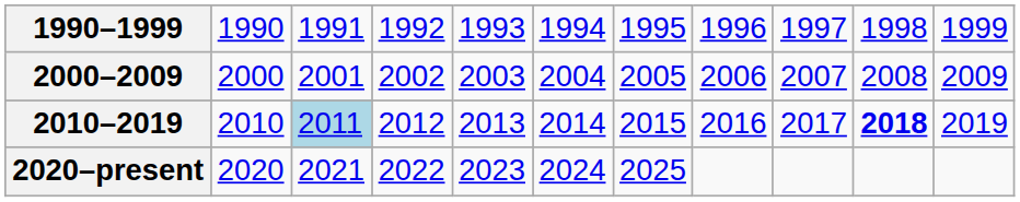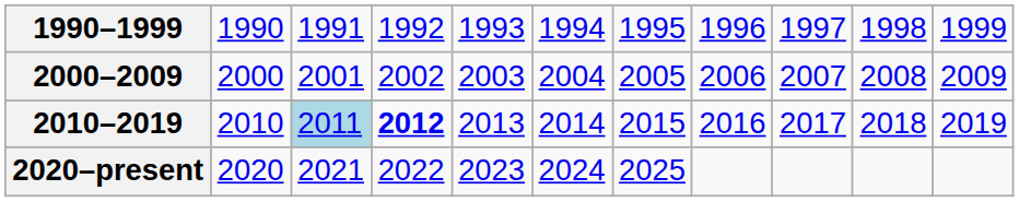 <table class="wikitable">
 <tr>
 <th>1990–1999</th>
 <td><a href='#'>1990</a></td>
 <td><a href='#'>1991</a></td>
 <td><a href='#'>1992</a></td>
 <td><a href='#'>1993</a></td>
 <td><a href='#'>1994</a></td>
 <td><a href='#'>1995</a></td>
 <td><a href='#'>1996</a></td>
 <td><a href='#'>1997</a></td>
 <td><a href='#'>1998</a></td>
 <td><a href='#'>1999</a></td>
 </tr>
 <tr>
 <th>2000–2009</th>
 <td><a href='#'>2000</a></td>
 <td><a href='#'>2001</a></td>
 <td><a href='#'>2002</a></td>
 <td><a href='#'>2003</a></td>
 <td><a href='#'>2004</a></td>
 <td><a href='#'>2005</a></td>
 <td><a href='#'>2006</a></td>
 <td><a href='#'>2007</a></td>
 <td><a href='#'>2008</a></td>
 <td><a href='#'>2009</a></td>
 </tr>
 <tr>
 <th>2010–2019</th>
 <td><a href='#'>2010</a></td>
 <td style="background: lightblue;"><a href='#'>2011</a></td>
-<td><a href='#'>2012</a></td>
+<td><strong><a href='#'>2012</a></strong></td>
 <td><a href='#'>2013</a></td>
 <td><a href='#'>2014</a></td>
 <td><a href='#'>2015</a></td>
 <td><a href='#'>2016</a></td>
 <td><a href='#'>2017</a></td>
-<td><strong><a href='#'>2018</a></strong></td>
+<td><a href='#'>2018</a></td>
 <td><a href='#'>2019</a></td>
 </tr>
 <tr>
 <th>2020–present</th>
 <td><a href='#'>2020</a></td>
 <td><a href='#'>2021</a></td>
 <td><a href='#'>2022</a></td>
 <td><a href='#'>2023</a></td>
 <td><a href='#'>2024</a></td>
 <td><a href='#'>2025</a></td>
 <td></td>
 <td></td>
 <td></td>
 <td></td>
 </tr>
 </table>
